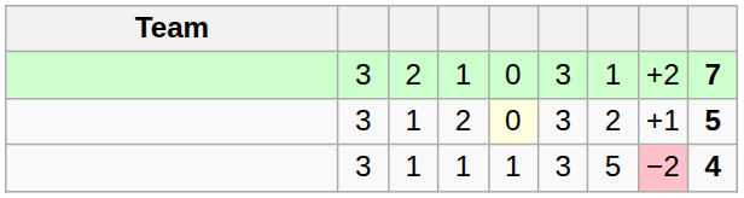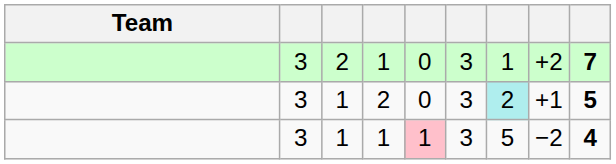 <table class="wikitable" style="text-align: center;">
 <tr>
 <th width="175">Team</th>
 <th width="20"></th>
 <th width="20"></th>
 <th width="20"></th>
 <th width="20"></th>
 <th width="20"></th>
 <th width="20"></th>
 <th width="20"></th>
 <th width="20"></th>
 </tr>
 <tr bgcolor=ccffcc>
 <td style="text-align:left;"></td>
 <td>3</td>
 <td>2</td>
 <td>1</td>
 <td>0</td>
 <td>3</td>
 <td>1</td>
 <td>+2</td>
 <td><strong>7</strong></td>
 </tr>
 <tr>
 <td style="text-align:left;"></td>
 <td>3</td>
 <td>1</td>
 <td>2</td>
-<td style="background: lightyellow;">0</td>
+<td>0</td>
 <td>3</td>
-<td>2</td>
+<td style="background: paleturquoise;">2</td>
 <td>+1</td>
 <td><strong>5</strong></td>
 </tr>
 <tr>
 <td style="text-align:left;"></td>
 <td>3</td>
 <td>1</td>
 <td>1</td>
-<td>1</td>
+<td style="background: pink;">1</td>
 <td>3</td>
 <td>5</td>
-<td style="background: pink;">−2</td>
+<td>−2</td>
 <td><strong>4</strong></td>
 </tr>
 </table>
